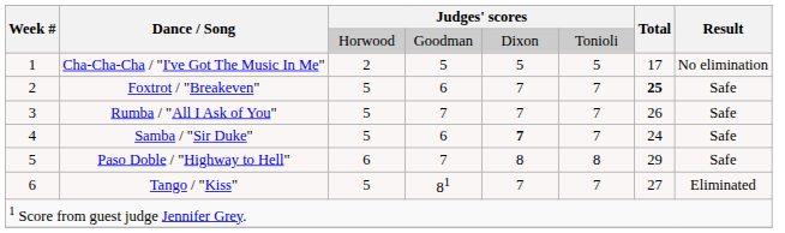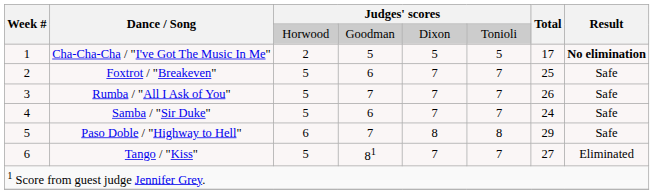 <table class="wikitable collapsible collapsed">
 <tr style="text-align:Center; background:#ccc;">
 <th rowspan="2">Week #</th>
 <th rowspan="2">Dance / Song</th>
 <th colspan="4">Judges' scores</th>
 <th rowspan="2">Total</th>
 <th rowspan="2">Result</th>
 </tr>
 <tr style="text-align:center; background:#ccc;">
 <td style="width:10%; ">Horwood</td>
 <td style="width:10%; ">Goodman</td>
 <td style="width:10%; ">Dixon</td>
 <td style="width:10%; ">Tonioli</td>
 </tr>
 <tr style="text-align: center; background:#faf6f6;">
 <td>1</td>
 <td><a href='#'>Cha-Cha-Cha</a> / "<a href='#'>I've Got The Music In Me</a>"</td>
 <td>2</td>
 <td>5</td>
 <td>5</td>
 <td>5</td>
 <td>17</td>
-<td>No elimination</td>
+<td><strong>No elimination</strong></td>
 </tr>
 <tr style="text-align: center; background:#faf6f6;">
 <td>2</td>
 <td><a href='#'>Foxtrot</a> / "<a href='#'>Breakeven</a>"</td>
 <td>5</td>
 <td>6</td>
 <td>7</td>
 <td>7</td>
-<td><strong>25</strong></td>
+<td>25</td>
 <td>Safe</td>
 </tr>
 <tr style="text-align: center; background:#faf6f6;">
 <td>3</td>
 <td><a href='#'>Rumba</a> / "<a href='#'>All I Ask of You</a>"</td>
 <td>5</td>
 <td>7</td>
 <td>7</td>
 <td>7</td>
 <td>26</td>
 <td>Safe</td>
 </tr>
 <tr style="text-align: center; background:#faf6f6;">
 <td>4</td>
 <td><a href='#'>Samba</a> / "<a href='#'>Sir Duke</a>"</td>
 <td>5</td>
 <td>6</td>
-<td><strong>7</strong></td>
+<td>7</td>
 <td>7</td>
 <td>24</td>
 <td>Safe</td>
 </tr>
 <tr style="text-align: center; background:#faf6f6;">
 <td>5</td>
 <td><a href='#'>Paso Doble</a> / "<a href='#'>Highway to Hell</a>"</td>
 <td>6</td>
 <td>7</td>
 <td>8</td>
 <td>8</td>
 <td>29</td>
 <td>Safe</td>
 </tr>
 <tr style="text-align: center; background:#faf6f6;">
 <td>6</td>
 <td><a href='#'>Tango</a> / "<a href='#'>Kiss</a>"</td>
 <td>5</td>
 <td>8<sup>1</sup></td>
 <td>7</td>
 <td>7</td>
 <td>27</td>
 <td>Eliminated</td>
 </tr>
 <tr>
 <td colspan="8"><sup>1</sup> Score from guest judge <a href='#'>Jennifer Grey</a>.</td>
 </tr>
 <tr style="text-align: center; background:#faf6f6;">
 </tr>
 </table>
